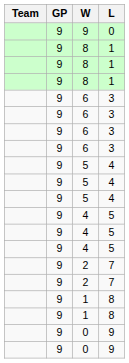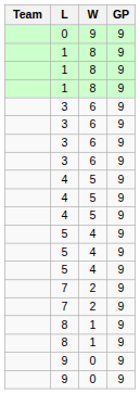 <table class="wikitable" style="text-align:center">
 <tr>
 <th>Team　</th>
+<th style="width:2em">L</th>
+<th style="width:2em">W</th>
 <th style="width:2em">GP</th>
-<th style="width:2em">W</th>
-<th style="width:2em">L</th>
 </tr>
 <tr bgcolor="#ccffcc">
 <td align=left></td>
+<td>0</td>
 <td>9</td>
 <td>9</td>
-<td>0</td>
 </tr>
 <tr bgcolor="#ccffcc">
 <td align=left></td>
+<td>1</td>
+<td>8</td>
 <td>9</td>
-<td>8</td>
-<td>1</td>
 </tr>
 <tr bgcolor="#ccffcc">
 <td align=left></td>
+<td>1</td>
+<td>8</td>
 <td>9</td>
-<td>8</td>
-<td>1</td>
 </tr>
 <tr bgcolor="#ccffcc">
 <td align=left></td>
+<td>1</td>
+<td>8</td>
 <td>9</td>
-<td>8</td>
-<td>1</td>
 </tr>
 <tr>
 <td align=left></td>
+<td>3</td>
+<td>6</td>
 <td>9</td>
-<td>6</td>
-<td>3</td>
 </tr>
 <tr>
 <td align=left></td>
+<td>3</td>
+<td>6</td>
 <td>9</td>
-<td>6</td>
-<td>3</td>
 </tr>
 <tr>
 <td align=left></td>
+<td>3</td>
+<td>6</td>
 <td>9</td>
-<td>6</td>
-<td>3</td>
 </tr>
 <tr>
 <td align=left></td>
+<td>3</td>
+<td>6</td>
 <td>9</td>
-<td>6</td>
-<td>3</td>
 </tr>
 <tr>
 <td align=left></td>
+<td>4</td>
+<td>5</td>
 <td>9</td>
-<td>5</td>
-<td>4</td>
 </tr>
 <tr>
 <td align=left></td>
+<td>4</td>
+<td>5</td>
 <td>9</td>
-<td>5</td>
-<td>4</td>
 </tr>
 <tr>
 <td align=left></td>
+<td>4</td>
+<td>5</td>
 <td>9</td>
-<td>5</td>
-<td>4</td>
 </tr>
 <tr>
 <td align=left></td>
+<td>5</td>
+<td>4</td>
 <td>9</td>
-<td>4</td>
-<td>5</td>
 </tr>
 <tr>
 <td align=left></td>
+<td>5</td>
+<td>4</td>
 <td>9</td>
-<td>4</td>
-<td>5</td>
 </tr>
 <tr>
 <td align=left></td>
+<td>5</td>
+<td>4</td>
 <td>9</td>
-<td>4</td>
-<td>5</td>
 </tr>
 <tr>
 <td align=left></td>
+<td>7</td>
+<td>2</td>
 <td>9</td>
-<td>2</td>
-<td>7</td>
 </tr>
 <tr>
 <td align=left></td>
+<td>7</td>
+<td>2</td>
 <td>9</td>
-<td>2</td>
-<td>7</td>
 </tr>
 <tr>
 <td align=left></td>
+<td>8</td>
+<td>1</td>
 <td>9</td>
-<td>1</td>
-<td>8</td>
 </tr>
 <tr>
 <td align=left></td>
+<td>8</td>
+<td>1</td>
 <td>9</td>
-<td>1</td>
-<td>8</td>
 </tr>
 <tr>
 <td align=left></td>
 <td>9</td>
 <td>0</td>
 <td>9</td>
 </tr>
 <tr>
 <td align=left></td>
 <td>9</td>
 <td>0</td>
 <td>9</td>
 </tr>
 </table>
